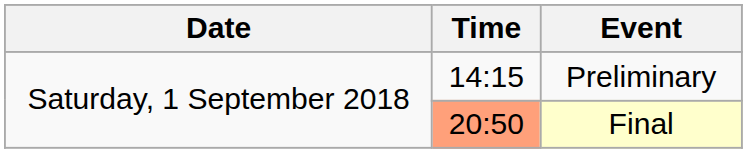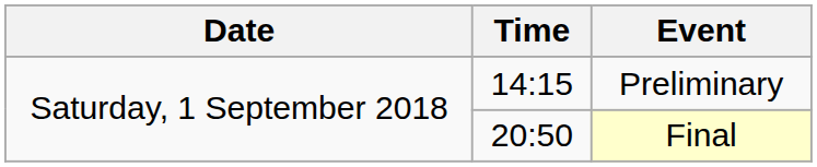 <table class = "wikitable" style="text-align:center;">
 <tr>
 <th width=220>Date</th>
 <th width=50>Time</th>
 <th width=100>Event</th>
 </tr>
 <tr>
 <td rowspan=2>Saturday, 1 September 2018</td>
 <td>14:15</td>
 <td>Preliminary</td>
 </tr>
 <tr>
-<td style="background: lightsalmon;">20:50</td>
+<td>20:50</td>
 <td bgcolor=ffffcc>Final</td>
 </tr>
 </table>
